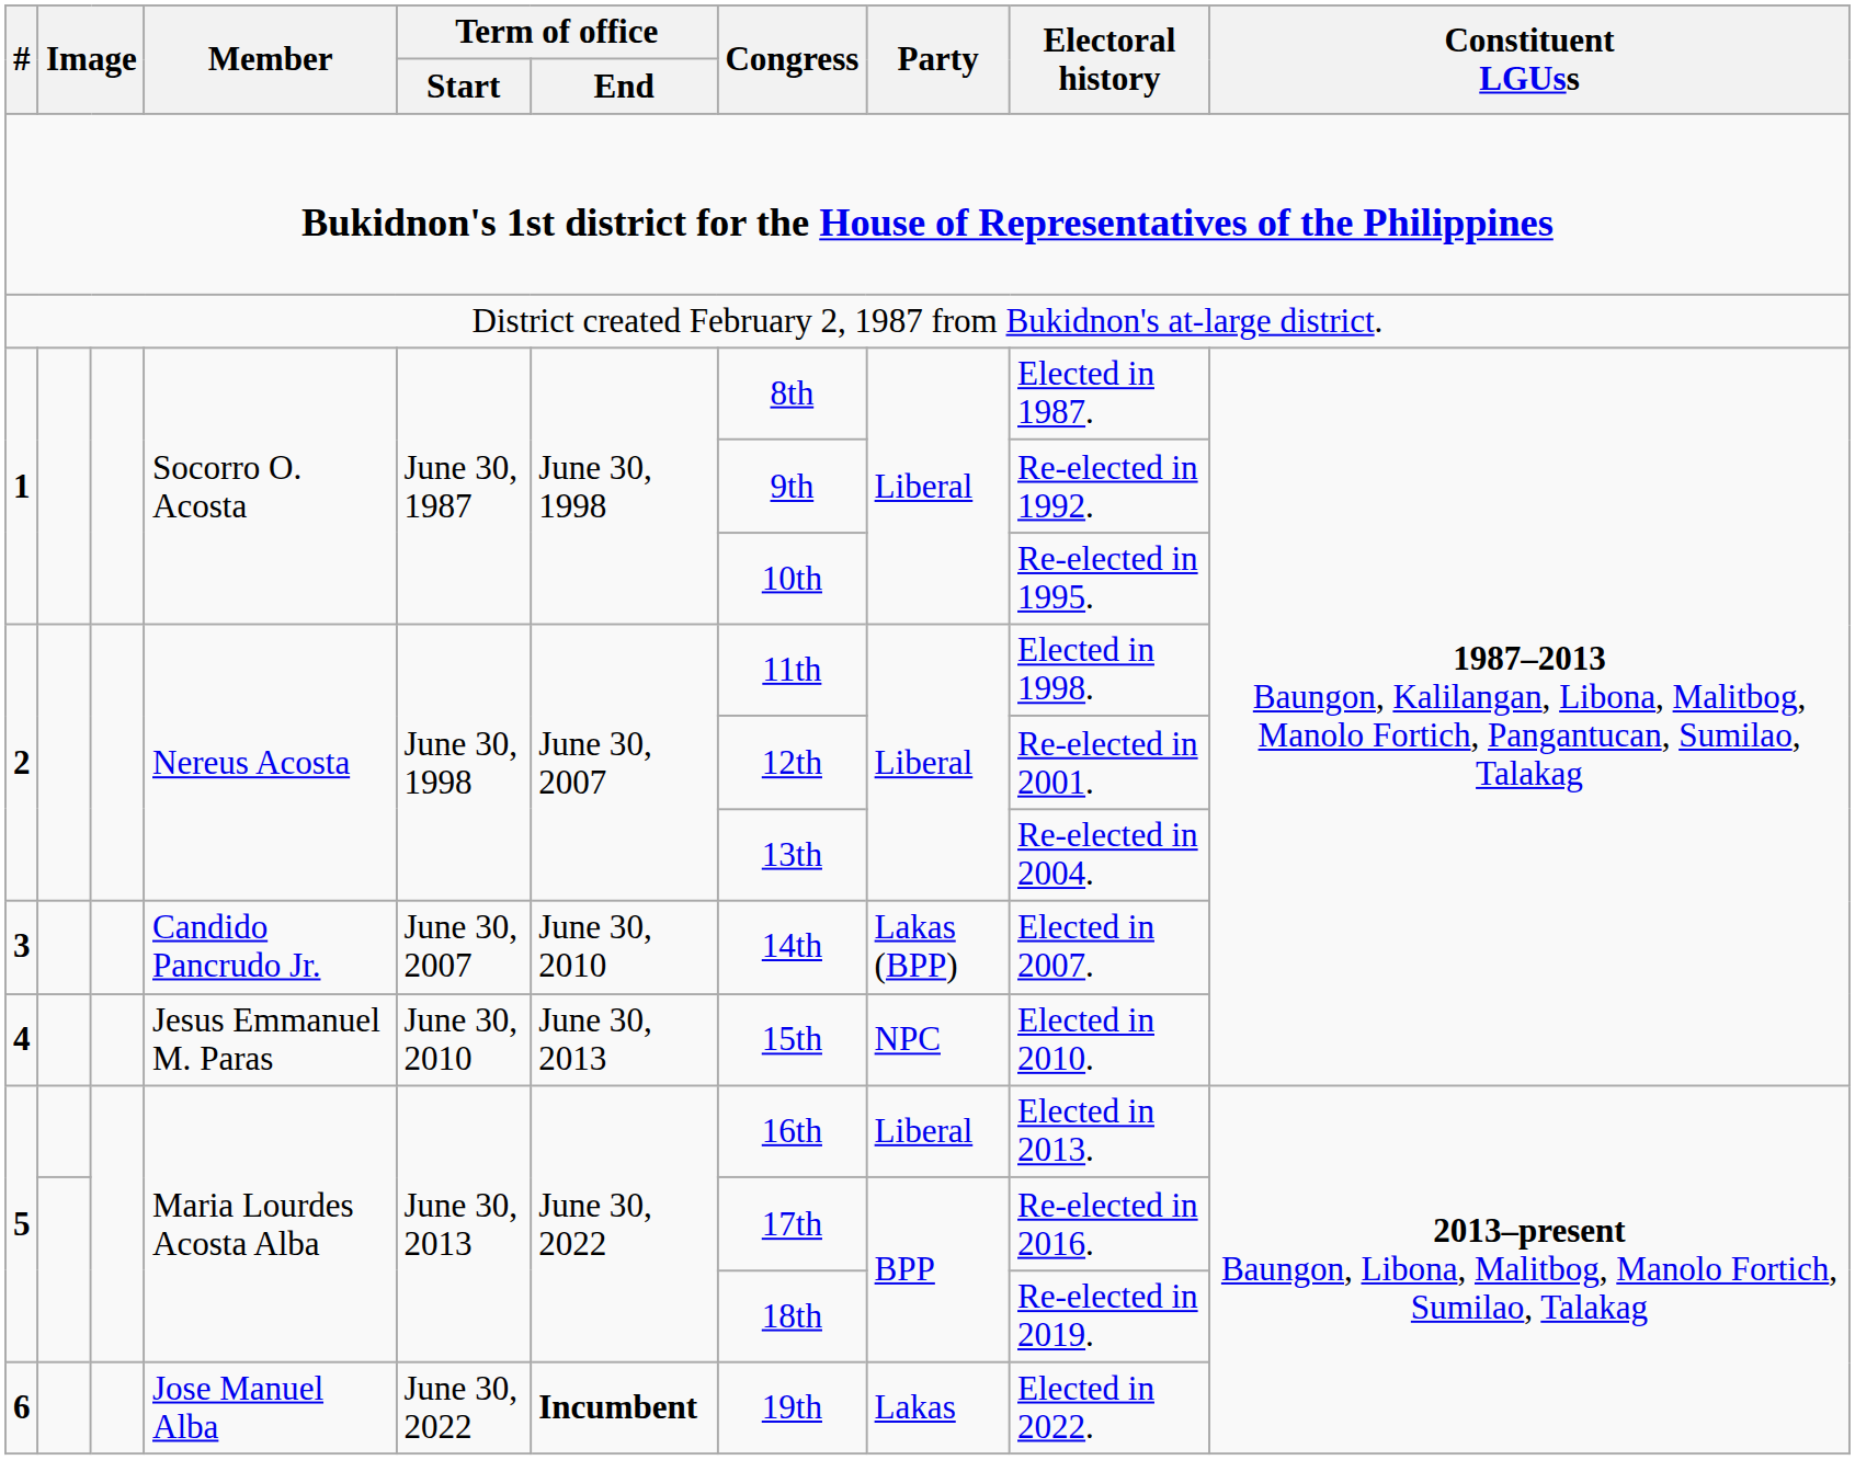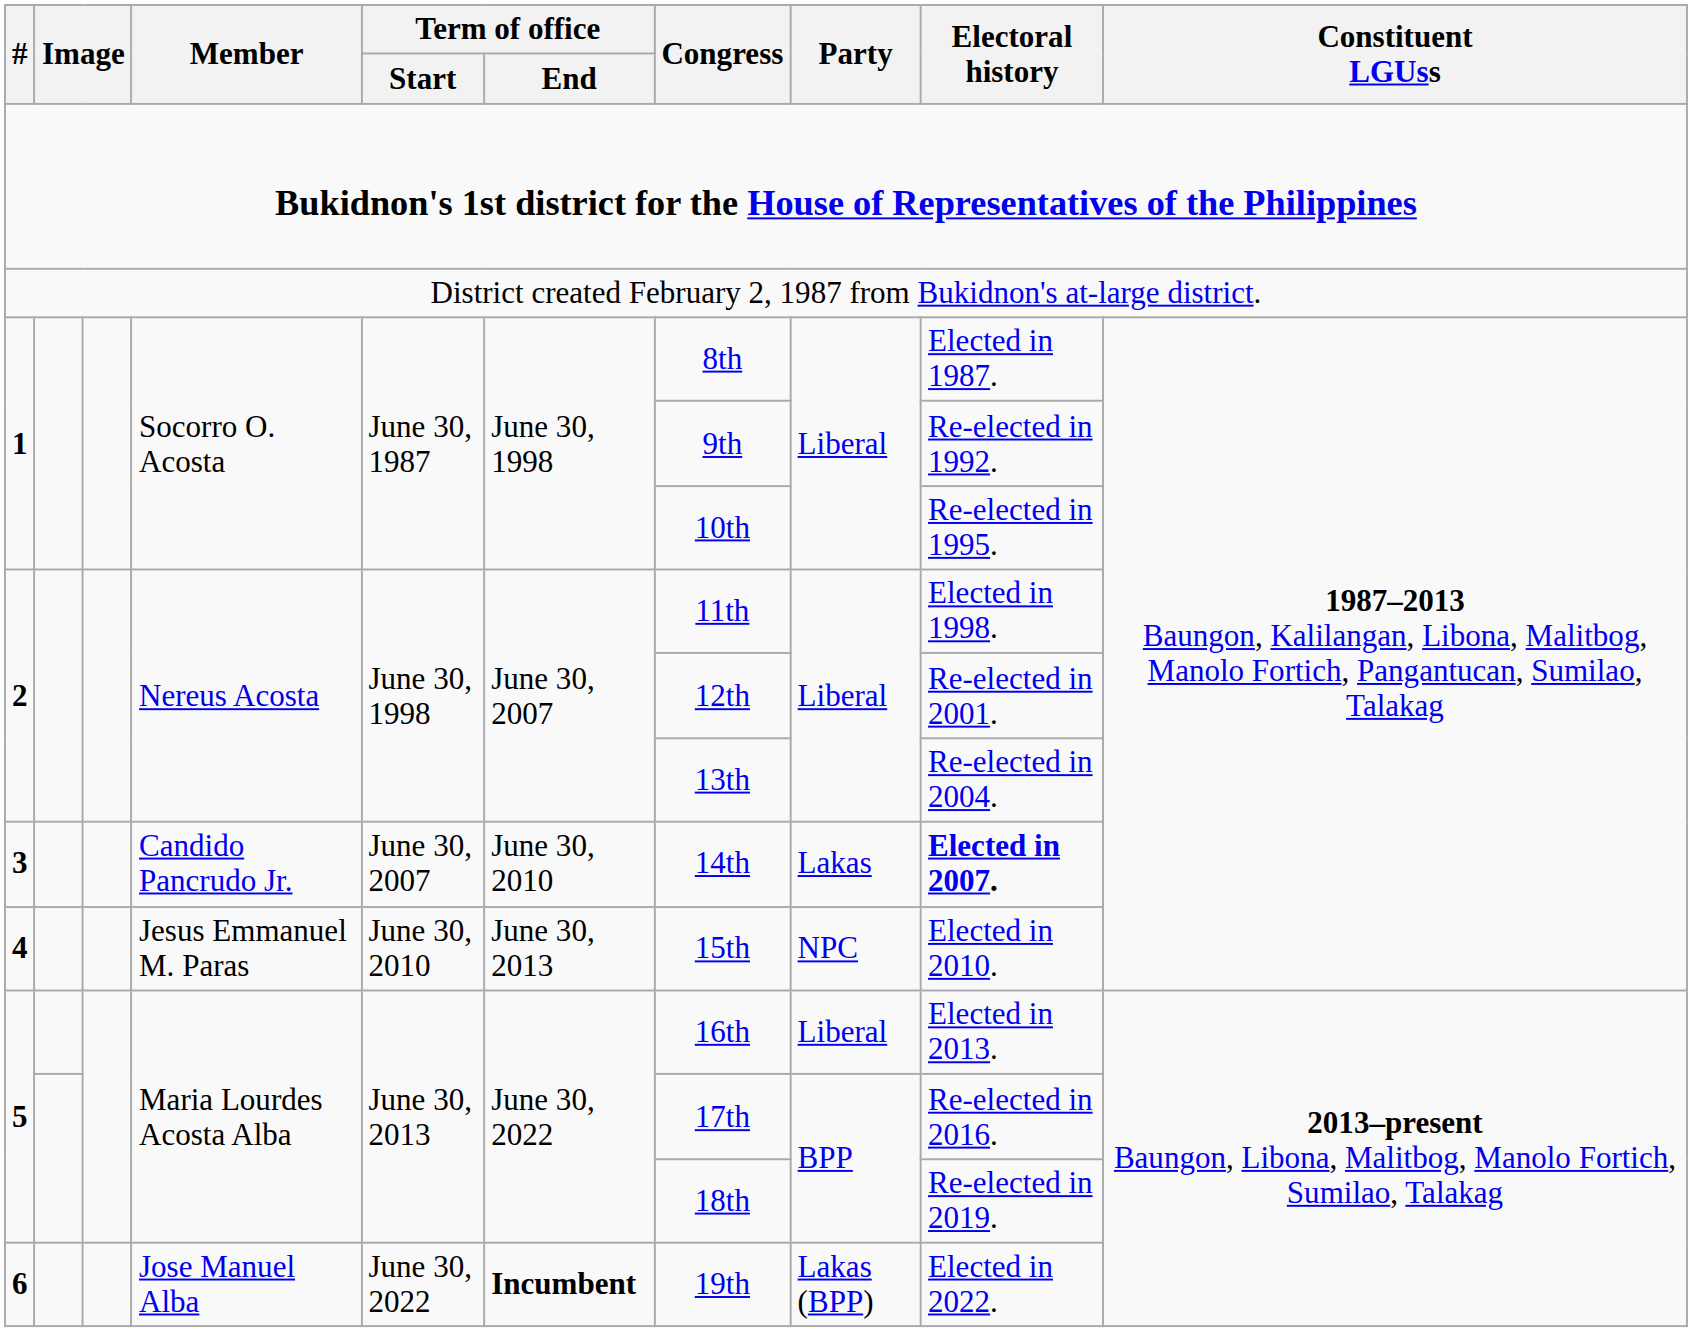 <table class=wikitable>
 <tr>
 <th rowspan="2">#</th>
 <th rowspan="2" colspan=2>Image</th>
 <th rowspan="2">Member</th>
 <th colspan=2>Term of office</th>
 <th rowspan="2">Congress</th>
 <th rowspan="2">Party</th>
 <th rowspan="2">Electoral history</th>
 <th rowspan="2">Constituent<br><a href='#'>LGUs</a>s</th>
 </tr>
 <tr>
 <th>Start</th>
 <th>End</th>
 </tr>
 <tr>
 <td colspan="10" style="text-align:center;"><br><h3>Bukidnon's 1st district for the <a href='#'>House of Representatives of the Philippines</a></h3></td>
 </tr>
 <tr>
 <td colspan="10" style="text-align:center;">District created February 2, 1987 from <a href='#'>Bukidnon's at-large district</a>.</td>
 </tr>
 <tr>
 <td rowspan="3" style="text-align:center;"><strong>1</strong></td>
 <td rowspan="3" style="color:inherit;background:"></td>
 <td rowspan="3"></td>
 <td rowspan="3">Socorro O. Acosta</td>
 <td rowspan="3">June 30, 1987</td>
 <td rowspan="3">June 30, 1998</td>
 <td style="text-align:center;"><a href='#'>8th</a></td>
 <td rowspan="3"><a href='#'>Liberal</a></td>
 <td><a href='#'>Elected in 1987</a>.</td>
 <td rowspan="8" style="text-align:center;"><strong>1987–2013</strong><br><a href='#'>Baungon</a>, <a href='#'>Kalilangan</a>, <a href='#'>Libona</a>, <a href='#'>Malitbog</a>, <a href='#'>Manolo Fortich</a>, <a href='#'>Pangantucan</a>, <a href='#'>Sumilao</a>, <a href='#'>Talakag</a></td>
 </tr>
 <tr>
 <td style="text-align:center;"><a href='#'>9th</a></td>
 <td><a href='#'>Re-elected in 1992</a>.</td>
 </tr>
 <tr>
 <td style="text-align:center;"><a href='#'>10th</a></td>
 <td><a href='#'>Re-elected in 1995</a>.</td>
 </tr>
 <tr>
 <td rowspan="3" style="text-align:center;"><strong>2</strong></td>
 <td rowspan="3" style="color:inherit;background:"></td>
 <td rowspan="3"></td>
 <td rowspan="3"><a href='#'>Nereus Acosta</a></td>
 <td rowspan="3">June 30, 1998</td>
 <td rowspan="3">June 30, 2007</td>
 <td style="text-align:center;"><a href='#'>11th</a></td>
 <td rowspan="3"><a href='#'>Liberal</a></td>
 <td><a href='#'>Elected in 1998</a>.</td>
 </tr>
 <tr>
 <td style="text-align:center;"><a href='#'>12th</a></td>
 <td><a href='#'>Re-elected in 2001</a>.</td>
 </tr>
 <tr>
 <td style="text-align:center;"><a href='#'>13th</a></td>
 <td><a href='#'>Re-elected in 2004</a>.</td>
 </tr>
 <tr>
 <td style="text-align:center;"><strong>3</strong></td>
 <td style="color:inherit;background:"></td>
 <td></td>
 <td><a href='#'>Candido Pancrudo Jr.</a></td>
 <td>June 30, 2007</td>
 <td>June 30, 2010</td>
 <td style="text-align:center;"><a href='#'>14th</a></td>
-<td><a href='#'>Lakas</a> (<a href='#'>BPP</a>)</td>
-<td><a href='#'>Elected in 2007</a>.</td>
+<td><a href='#'>Lakas</a></td>
+<td><strong><a href='#'>Elected in 2007</a>.</strong></td>
 </tr>
 <tr>
 <td style="text-align:center;"><strong>4</strong></td>
 <td style="color:inherit;background:"></td>
 <td></td>
 <td>Jesus Emmanuel M. Paras</td>
 <td>June 30, 2010</td>
 <td>June 30, 2013</td>
 <td style="text-align:center;"><a href='#'>15th</a></td>
 <td><a href='#'>NPC</a></td>
 <td><a href='#'>Elected in 2010</a>.</td>
 </tr>
 <tr>
 <td rowspan="3" style="text-align:center;"><strong>5</strong></td>
 <td style="color:inherit;background:"></td>
 <td rowspan="3"></td>
 <td rowspan="3">Maria Lourdes Acosta Alba</td>
 <td rowspan="3">June 30, 2013</td>
 <td rowspan="3">June 30, 2022</td>
 <td style="text-align:center;"><a href='#'>16th</a></td>
 <td><a href='#'>Liberal</a></td>
 <td><a href='#'>Elected in 2013</a>.</td>
 <td rowspan=99 style="text-align:center;"><strong>2013–present</strong><br><a href='#'>Baungon</a>, <a href='#'>Libona</a>, <a href='#'>Malitbog</a>, <a href='#'>Manolo Fortich</a>, <a href='#'>Sumilao</a>, <a href='#'>Talakag</a></td>
 </tr>
 <tr>
 <td rowspan="2" style="color:inherit;background:"></td>
 <td style="text-align:center;"><a href='#'>17th</a></td>
 <td rowspan="2"><a href='#'>BPP</a></td>
 <td><a href='#'>Re-elected in 2016</a>.</td>
 </tr>
 <tr>
 <td style="text-align:center;"><a href='#'>18th</a></td>
 <td><a href='#'>Re-elected in 2019</a>.</td>
 </tr>
 <tr>
 <td style="text-align:center;"><strong>6</strong></td>
 <td style="color:inherit;background:"></td>
 <td></td>
 <td><a href='#'>Jose Manuel Alba</a></td>
 <td>June 30, 2022</td>
 <td><strong>Incumbent</strong></td>
 <td style="text-align:center;"><a href='#'>19th</a></td>
-<td><a href='#'>Lakas</a></td>
+<td><a href='#'>Lakas</a> (<a href='#'>BPP</a>)</td>
 <td><a href='#'>Elected in 2022</a>.</td>
 </tr>
 </table>
